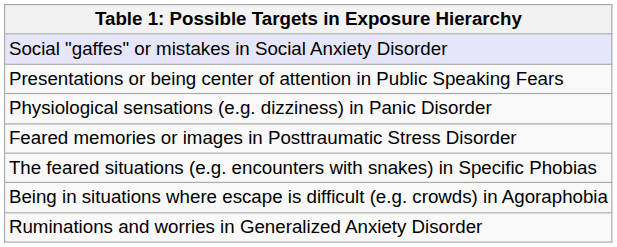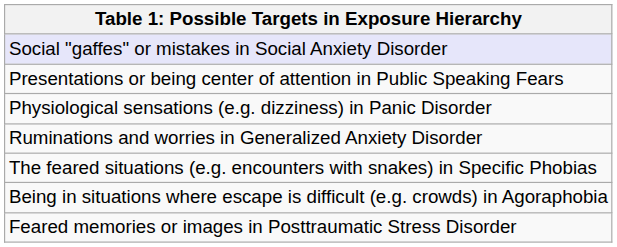 <table class="wikitable">
 <tr>
 <th>Table 1: Possible Targets in Exposure Hierarchy</th>
 </tr>
 <tr>
 <td style="background: lavender;">Social "gaffes" or mistakes in Social Anxiety Disorder</td>
 </tr>
 <tr>
 <td>Presentations or being center of attention in Public Speaking Fears</td>
 </tr>
 <tr>
 <td>Physiological sensations (e.g. dizziness) in Panic Disorder</td>
 </tr>
 <tr>
-<td>Feared memories or images in Posttraumatic Stress Disorder</td>
+<td>Ruminations and worries in Generalized Anxiety Disorder</td>
 </tr>
 <tr>
 <td>The feared situations (e.g. encounters with snakes) in Specific Phobias</td>
 </tr>
 <tr>
 <td>Being in situations where escape is difficult (e.g. crowds) in Agoraphobia</td>
 </tr>
 <tr>
-<td>Ruminations and worries in Generalized Anxiety Disorder</td>
+<td>Feared memories or images in Posttraumatic Stress Disorder</td>
 </tr>
 </table>
